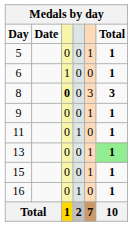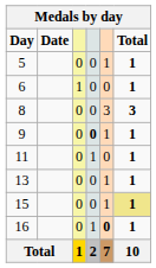 <table class="wikitable" style="font-size:85%; float:right; text-align:center">
 <tr style="background:#efefef;">
 <th colspan=6><strong>Medals by day</strong></th>
 </tr>
 <tr align=center>
 <td><strong>Day</strong></td>
 <td><strong>Date</strong></td>
 <td style="background:#f7f6a8;"></td>
 <td style="background:#dce5e5;"></td>
 <td style="background:#ffdab9;"></td>
 <td><strong>Total</strong></td>
 </tr>
 <tr align=center>
 <td>5</td>
 <td></td>
 <td style="background:#F7F6A8;">0</td>
 <td style="background:#DCE5E5;">0</td>
 <td style="background:#FFDAB9;">1</td>
 <td><strong>1</strong></td>
 </tr>
 <tr align=center>
 <td>6</td>
 <td></td>
 <td style="background:#F7F6A8;">1</td>
 <td style="background:#DCE5E5;">0</td>
 <td style="background:#FFDAB9;">0</td>
 <td><strong>1</strong></td>
 </tr>
 <tr align=center>
 <td>8</td>
 <td></td>
-<td style="background:#F7F6A8;"><strong>0</strong></td>
+<td style="background:#F7F6A8;">0</td>
 <td style="background:#DCE5E5;">0</td>
 <td style="background:#FFDAB9;">3</td>
 <td><strong>3</strong></td>
 </tr>
 <tr align=center>
 <td>9</td>
 <td></td>
 <td style="background:#F7F6A8;">0</td>
-<td style="background:#DCE5E5;">0</td>
+<td style="background:#DCE5E5;"><strong>0</strong></td>
 <td style="background:#FFDAB9;">1</td>
 <td><strong>1</strong></td>
 </tr>
 <tr align=center>
 <td>11</td>
 <td></td>
 <td style="background:#F7F6A8;">0</td>
 <td style="background:#DCE5E5;">1</td>
 <td style="background:#FFDAB9;">0</td>
 <td><strong>1</strong></td>
 </tr>
 <tr align=center>
 <td>13</td>
 <td></td>
 <td style="background:#F7F6A8;">0</td>
 <td style="background:#DCE5E5;">0</td>
 <td style="background:#FFDAB9;">1</td>
-<td style="background: lightgreen;"><strong>1</strong></td>
+<td><strong>1</strong></td>
 </tr>
 <tr align=center>
 <td>15</td>
 <td></td>
 <td style="background:#F7F6A8;">0</td>
 <td style="background:#DCE5E5;">0</td>
 <td style="background:#FFDAB9;">1</td>
-<td><strong>1</strong></td>
+<td style="background: khaki;"><strong>1</strong></td>
 </tr>
 <tr align=center>
 <td>16</td>
 <td></td>
 <td style="background:#F7F6A8;">0</td>
 <td style="background:#DCE5E5;">1</td>
-<td style="background:#FFDAB9;">0</td>
+<td style="background:#FFDAB9;"><strong>0</strong></td>
 <td><strong>1</strong></td>
 </tr>
 <tr align=center>
 <th colspan=2><strong>Total</strong></th>
 <th style="background:gold;"><strong>1</strong></th>
 <th style="background:silver;"><strong>2</strong></th>
 <th style="background:#c96;"><strong>7</strong></th>
 <th><strong>10</strong></th>
 </tr>
 </table>
